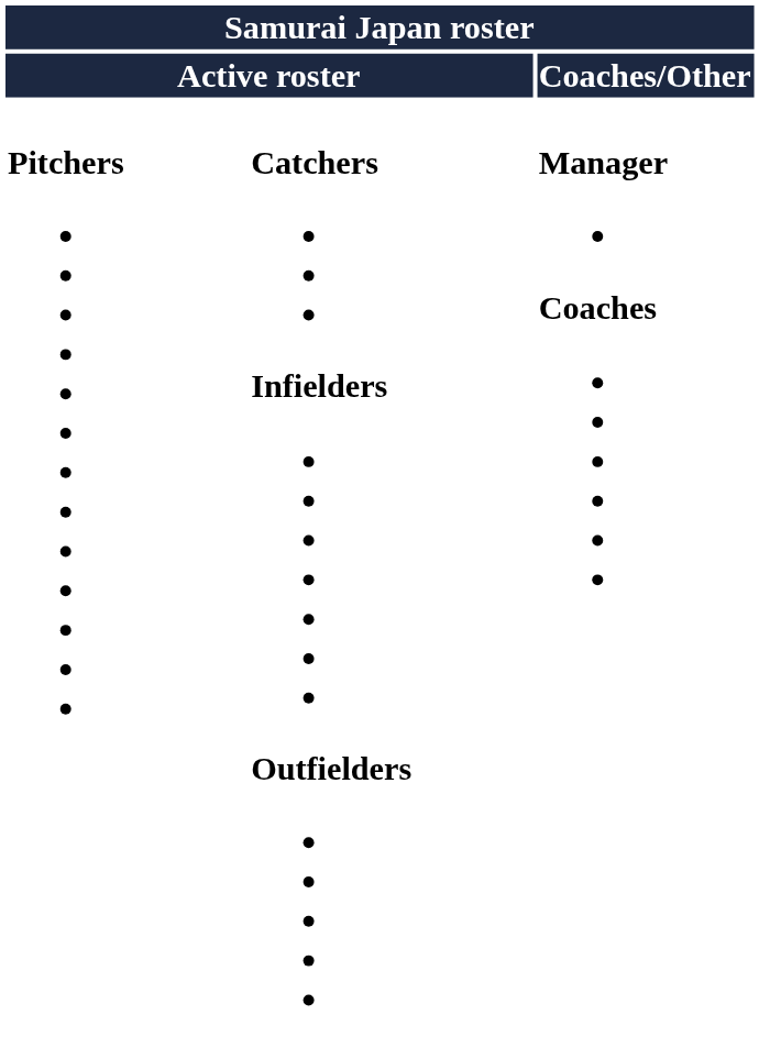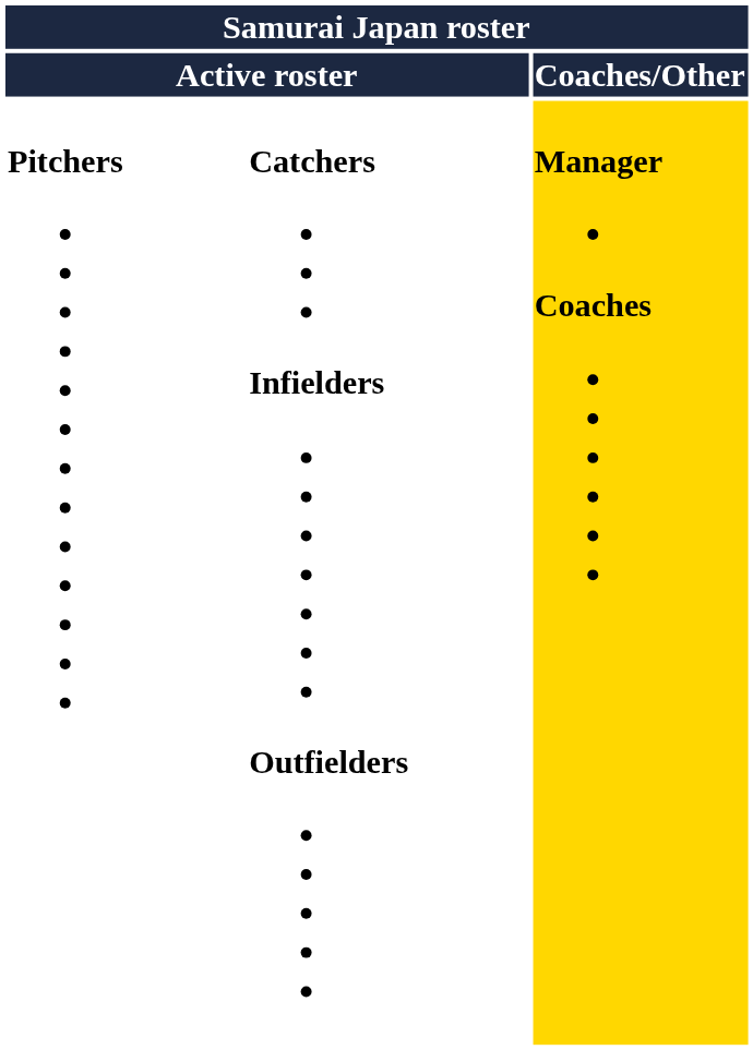 <table class="toccolours" style="font-size: 95%;">
 <tr>
 <th colspan="10" style="background-color: #1c2841; color: #FFFFFF; text-align: center;">Samurai Japan roster</th>
 </tr>
 <tr>
 <td colspan="4" style="background-color: #1c2841; color: #FFFFFF; text-align: center;"><strong>Active roster</strong></td>
 <td colspan="1" style="background-color: #1c2841; color: #FFFFFF; text-align: center;"><strong>Coaches/Other</strong></td>
 </tr>
 <tr>
 <td style="vertical-align:top;"><br><strong>Pitchers</strong><br><ul><li></li><li></li><li></li><li></li><li></li><li></li><li></li><li></li><li></li><li></li><li></li><li></li><li></li></ul></td>
 <td width="50px"> </td>
 <td style="vertical-align:top;"><br><strong>Catchers</strong><br><ul><li></li><li></li><li></li></ul><strong>Infielders</strong><br><ul><li></li><li></li><li></li><li></li><li></li><li></li><li></li></ul><strong>Outfielders</strong><br><ul><li></li><li></li><li></li><li></li><li></li></ul></td>
 <td width="50"> </td>
-<td style="vertical-align:top;"><br><strong>Manager</strong><br><ul><li></li></ul><strong>Coaches</strong><br><ul><li></li><li></li><li></li><li></li><li></li><li></li></ul></td>
+<td style="background: gold; vertical-align:top;"><br><strong>Manager</strong><br><ul><li></li></ul><strong>Coaches</strong><br><ul><li></li><li></li><li></li><li></li><li></li><li></li></ul></td>
 </tr>
 </table>
